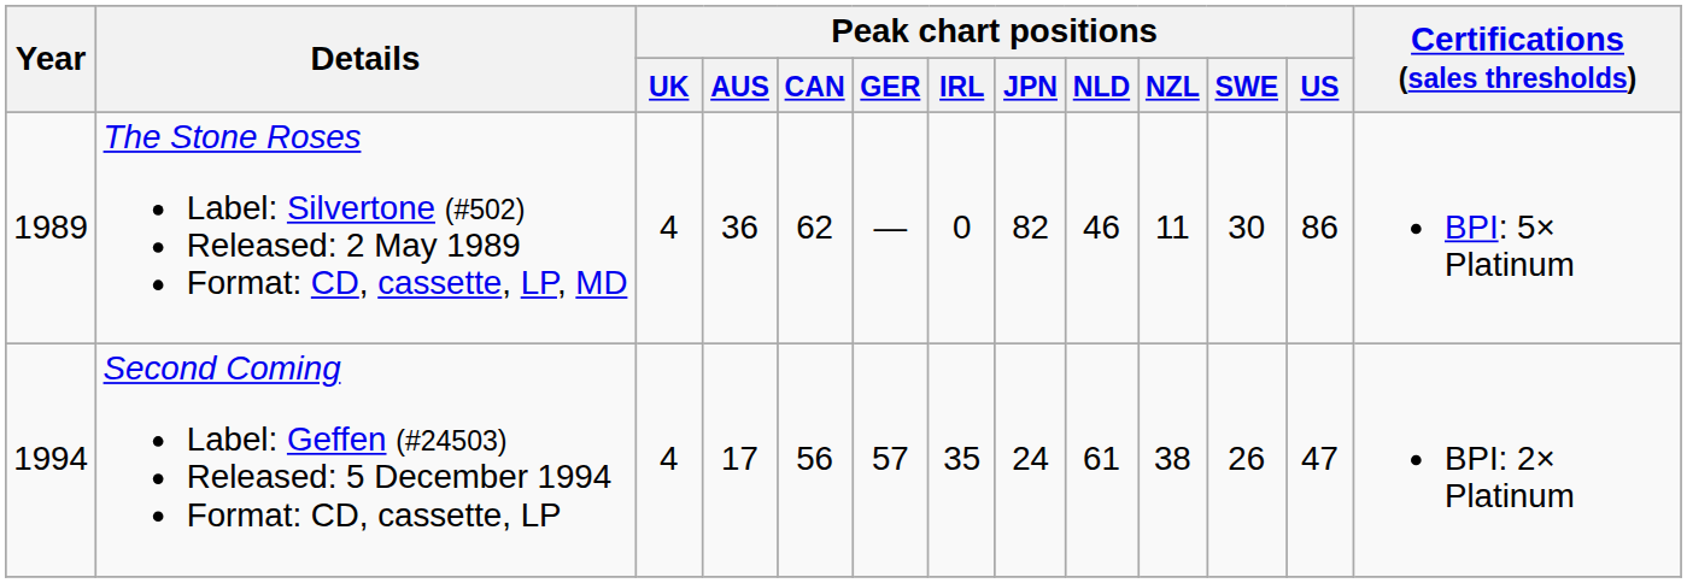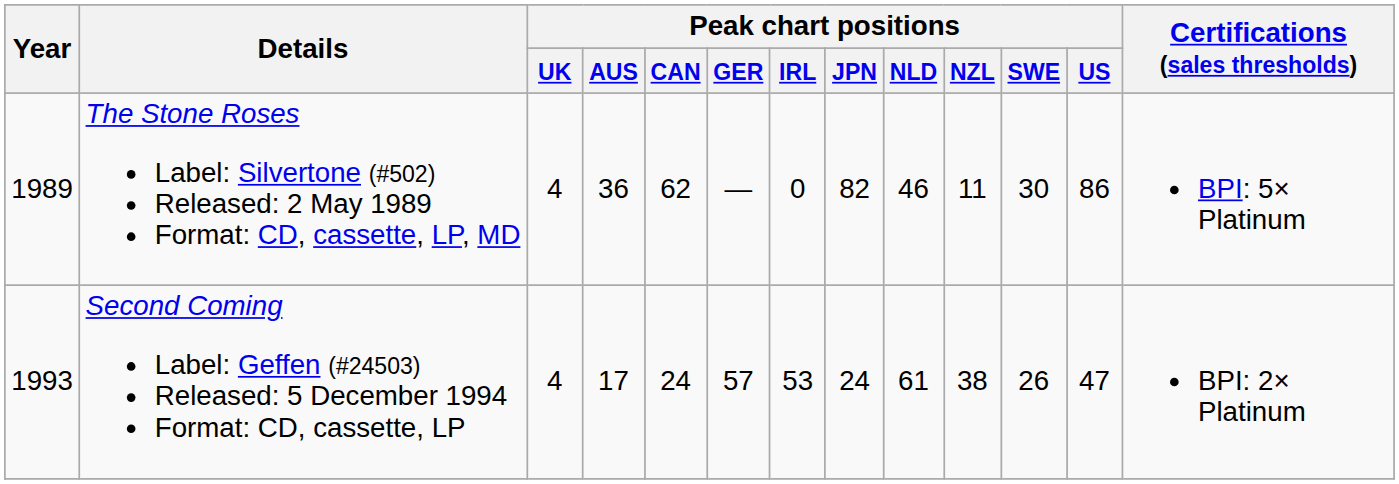 <table class="wikitable">
 <tr>
 <th rowspan="2">Year</th>
 <th rowspan="2">Details</th>
 <th colspan="10">Peak chart positions</th>
 <th rowspan="2" width="150"><a href='#'>Certifications</a><br><small>(<a href='#'>sales thresholds</a>)</small></th>
 </tr>
 <tr>
 <th width="25"><small><a href='#'>UK</a></small><br></th>
 <th width="25"><small><a href='#'>AUS</a></small><br></th>
 <th width="25"><small><a href='#'>CAN</a></small><br></th>
 <th width="25"><small><a href='#'>GER</a><br></small></th>
 <th width="25"><small><a href='#'>IRL</a><br></small></th>
 <th width="25"><small><a href='#'>JPN</a></small><br></th>
 <th width="25"><small><a href='#'>NLD</a></small><br></th>
 <th width="25"><small><a href='#'>NZL</a></small><br></th>
 <th width="25"><small><a href='#'>SWE</a></small><br></th>
 <th width="25"><small><a href='#'>US</a></small><br></th>
 </tr>
 <tr>
 <td>1989</td>
 <td><em><a href='#'>The Stone Roses</a></em><br><ul><li>Label: <a href='#'>Silvertone</a> <small>(#502)</small></li><li>Released: 2 May 1989</li><li>Format: <a href='#'>CD</a>, <a href='#'>cassette</a>, <a href='#'>LP</a>, <a href='#'>MD</a></li></ul></td>
 <td align="center">4</td>
 <td align="center">36</td>
 <td align="center">62</td>
 <td align="center">—</td>
 <td align="center">0</td>
 <td align="center">82</td>
 <td align="center">46</td>
 <td align="center">11</td>
 <td align="center">30</td>
 <td align="center">86</td>
 <td><br><ul><li><a href='#'>BPI</a>: 5× Platinum</li></ul></td>
 </tr>
 <tr>
-<td>1994</td>
+<td>1993</td>
 <td><em><a href='#'>Second Coming</a></em><br><ul><li>Label: <a href='#'>Geffen</a> <small>(#24503)</small></li><li>Released: 5 December 1994</li><li>Format: CD, cassette, LP</li></ul></td>
 <td align="center">4</td>
 <td align="center">17</td>
-<td align="center">56</td>
+<td align="center">24</td>
 <td align="center">57</td>
-<td align="center">35</td>
+<td align="center">53</td>
 <td align="center">24</td>
 <td align="center">61</td>
 <td align="center">38</td>
 <td align="center">26</td>
 <td align="center">47</td>
 <td><br><ul><li>BPI: 2× Platinum</li></ul></td>
 </tr>
 </table>
